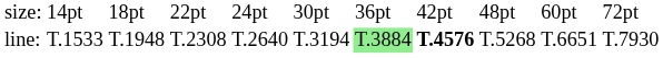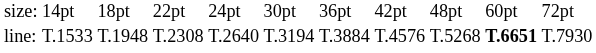 <table style="margin-left:40px;">
 <tr>
 <td>size:</td>
 <td>14pt</td>
 <td>18pt</td>
 <td>22pt</td>
 <td>24pt</td>
 <td>30pt</td>
 <td>36pt</td>
 <td>42pt</td>
 <td>48pt</td>
 <td>60pt</td>
 <td>72pt</td>
 </tr>
 <tr>
 <td>line:</td>
 <td>T.1533</td>
 <td>T.1948</td>
 <td>T.2308</td>
 <td>T.2640</td>
 <td>T.3194</td>
-<td style="background: lightgreen;">T.3884</td>
-<td><strong>T.4576</strong></td>
+<td>T.3884</td>
+<td>T.4576</td>
 <td>T.5268</td>
-<td>T.6651</td>
+<td><strong>T.6651</strong></td>
 <td>T.7930</td>
 </tr>
 </table>
